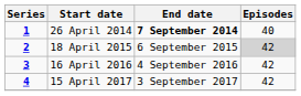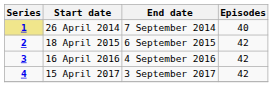 <table class="wikitable" style="text-align:center;">
 <tr>
 <th>Series</th>
 <th>Start date</th>
 <th>End date</th>
 <th>Episodes</th>
 </tr>
 <tr>
-<td><strong><a href='#'>1</a></strong></td>
+<td style="background: khaki;"><strong><a href='#'>1</a></strong></td>
 <td>26 April 2014</td>
-<td><strong>7 September 2014</strong></td>
+<td>7 September 2014</td>
 <td>40</td>
 </tr>
 <tr>
 <td><strong><a href='#'>2</a></strong></td>
 <td>18 April 2015</td>
 <td>6 September 2015</td>
-<td style="background: lightgrey;">42</td>
+<td>42</td>
 </tr>
 <tr>
 <td><strong><a href='#'>3</a></strong></td>
 <td>16 April 2016</td>
 <td>4 September 2016</td>
 <td>42</td>
 </tr>
 <tr>
 <td><strong><a href='#'>4</a></strong></td>
 <td>15 April 2017</td>
 <td>3 September 2017</td>
 <td>42</td>
 </tr>
 <tr>
 </tr>
 </table>
